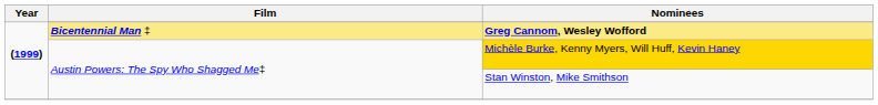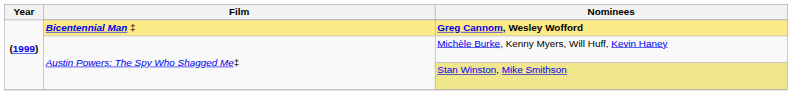 <table class="wikitable" style="width:100%">
 <tr bgcolor="#bebebe">
 <th width="5%">Year</th>
 <th width="50%">Film</th>
 <th width="45%">Nominees</th>
 </tr>
 <tr>
 <td rowspan=4 style="text-align:center"><strong>(<a href='#'>1999</a>)</strong><br> <br></td>
 </tr>
 <tr style="background:#FAEB86">
 <td><strong><em><a href='#'>Bicentennial Man</a></em></strong> ‡</td>
 <td><strong><a href='#'>Greg Cannom</a>, Wesley Wofford</strong></td>
 </tr>
 <tr>
 <td rowspan="2"><em><a href='#'>Austin Powers: The Spy Who Shagged Me</a></em>‡</td>
-<td style="background: gold;"><a href='#'>Michèle Burke</a>, Kenny Myers, Will Huff, <a href='#'>Kevin Haney</a> <br> <br></td>
+<td><a href='#'>Michèle Burke</a>, Kenny Myers, Will Huff, <a href='#'>Kevin Haney</a> <br> <br></td>
 </tr>
 <tr>
-<td><a href='#'>Stan Winston</a>, <a href='#'>Mike Smithson</a> <br>  <br></td>
+<td style="background: khaki;"><a href='#'>Stan Winston</a>, <a href='#'>Mike Smithson</a> <br>  <br></td>
 </tr>
 <tr>
 </tr>
 </table>
